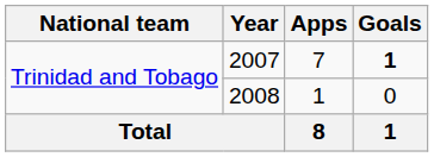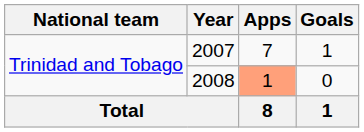 <table class="wikitable" style="text-align:center">
 <tr>
 <th>National team</th>
 <th>Year</th>
 <th>Apps</th>
 <th>Goals</th>
 </tr>
 <tr>
 <td rowspan="2"><a href='#'>Trinidad and Tobago</a></td>
 <td>2007</td>
 <td>7</td>
-<td><strong>1</strong></td>
+<td>1</td>
 </tr>
 <tr>
 <td>2008</td>
-<td>1</td>
+<td style="background: lightsalmon;">1</td>
 <td>0</td>
 </tr>
 <tr>
 <th colspan=2>Total</th>
 <th>8</th>
 <th>1</th>
 </tr>
 </table>
